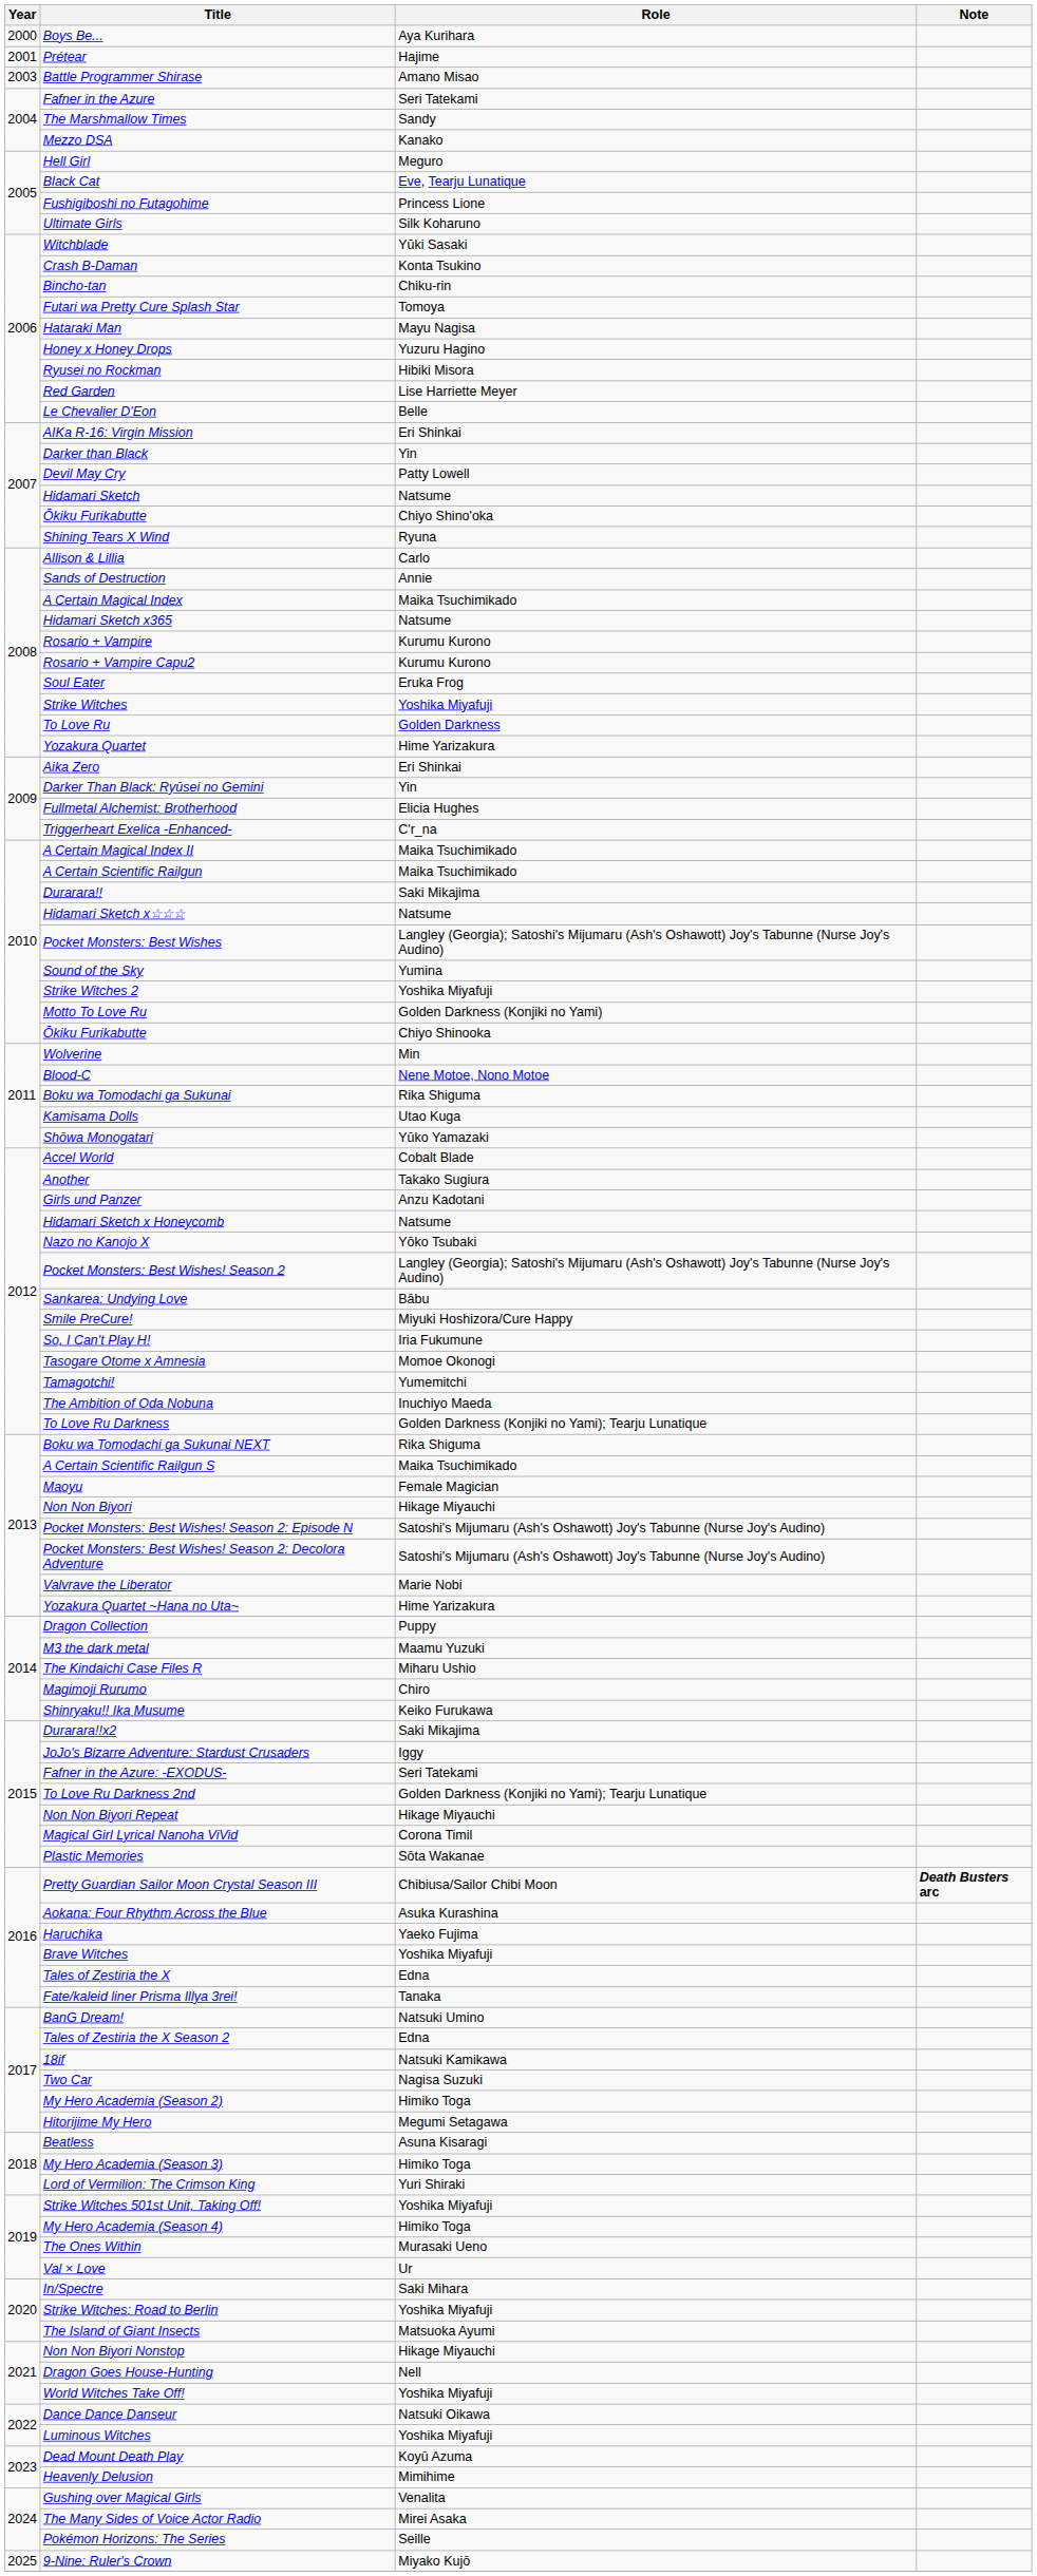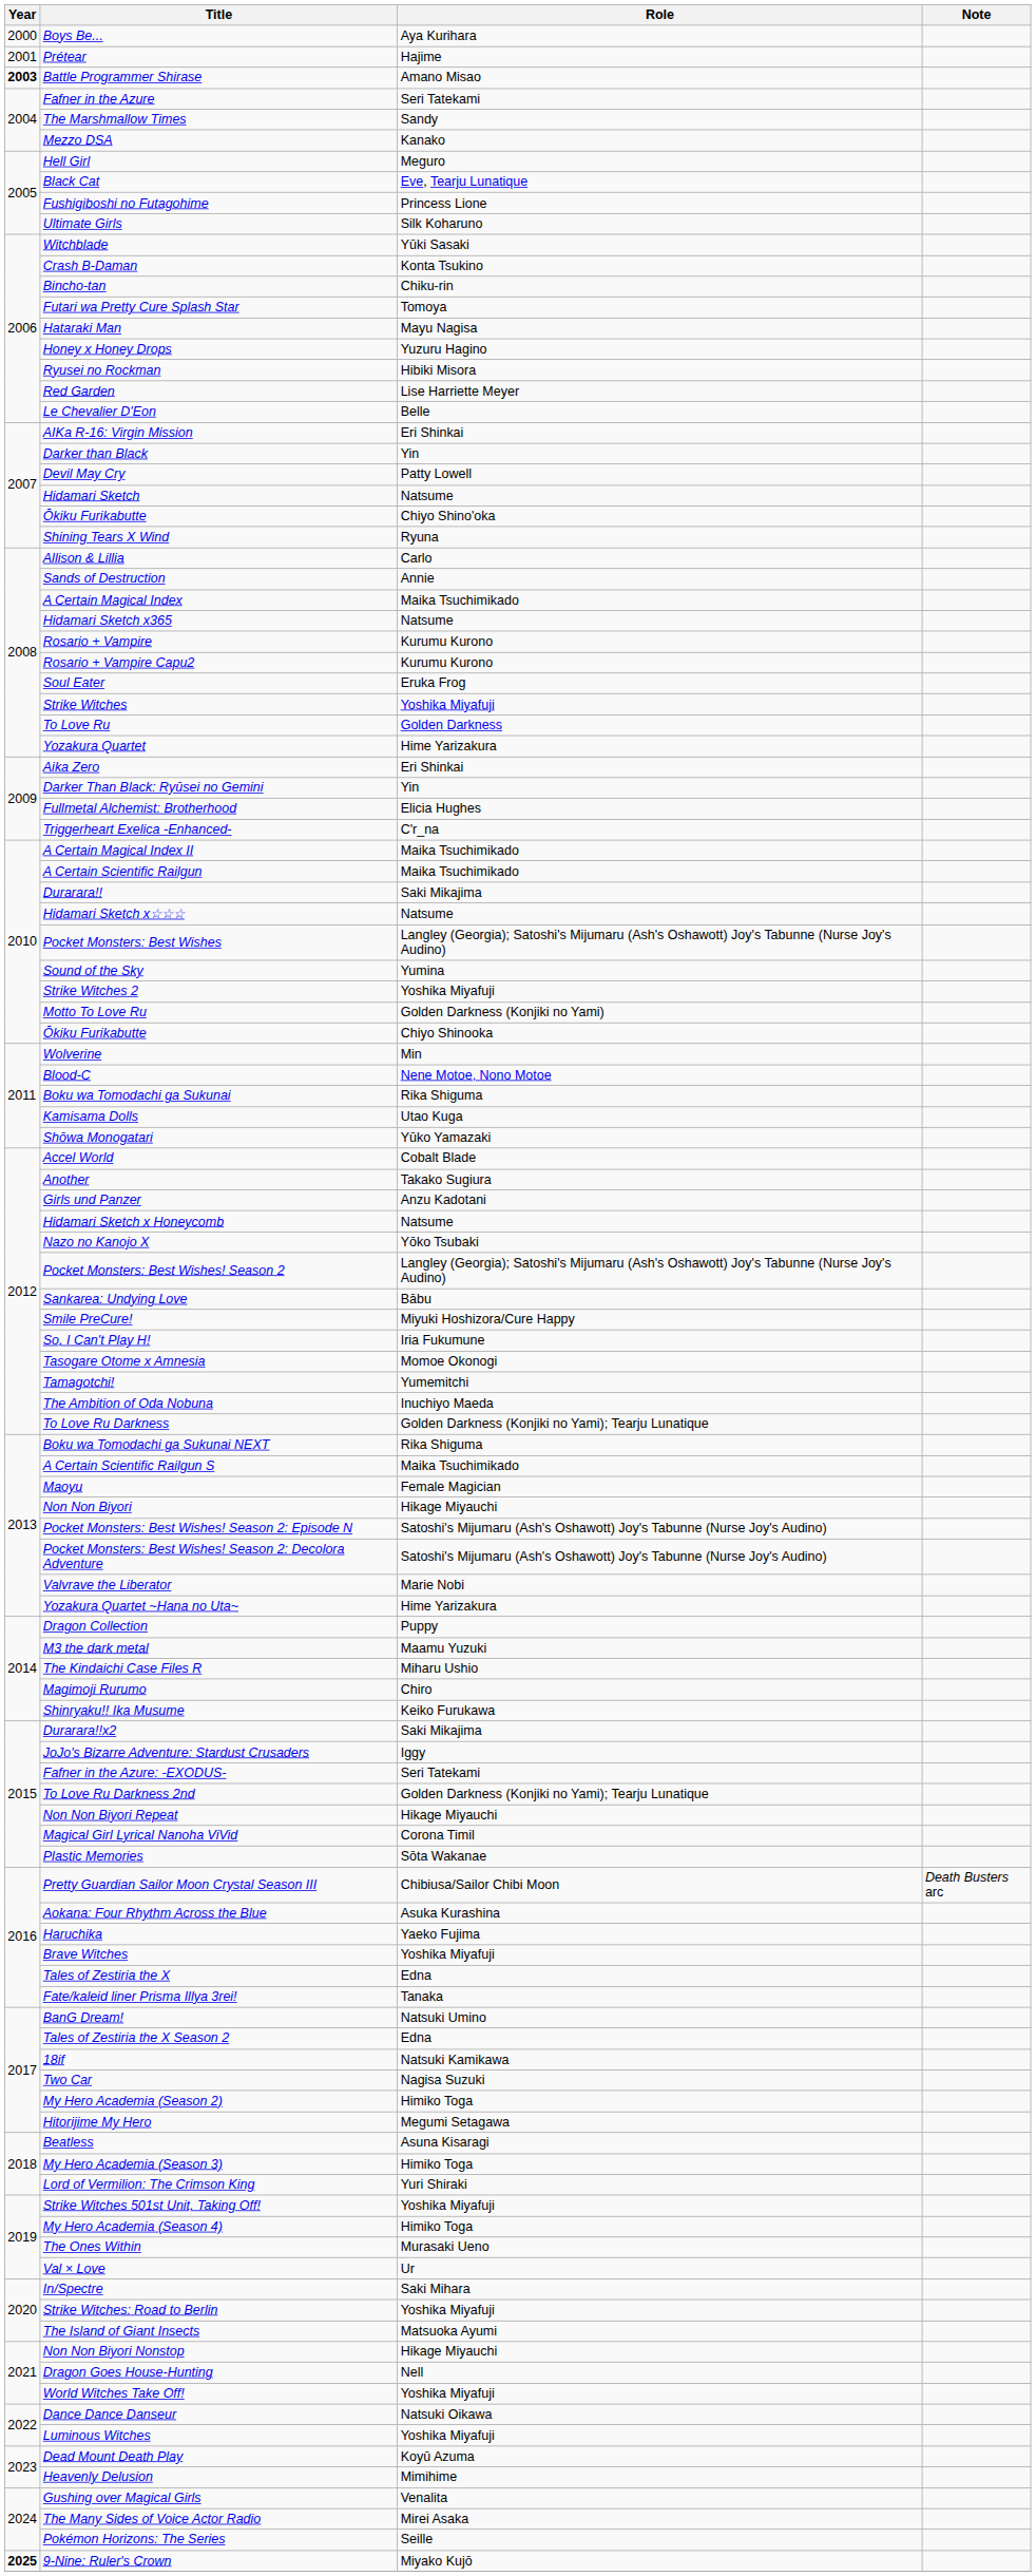 <table class="wikitable">
 <tr>
 <th>Year</th>
 <th>Title</th>
 <th>Role</th>
 <th>Note</th>
 </tr>
 <tr>
 <td>2000</td>
 <td><em><a href='#'>Boys Be...</a></em></td>
 <td>Aya Kurihara</td>
 <td></td>
 </tr>
 <tr>
 <td>2001</td>
 <td><em><a href='#'>Prétear</a></em></td>
 <td>Hajime</td>
 <td></td>
 </tr>
 <tr>
-<td>2003</td>
+<td><strong>2003</strong></td>
 <td><em><a href='#'>Battle Programmer Shirase</a></em></td>
 <td>Amano Misao</td>
 <td></td>
 </tr>
 <tr>
 <td rowspan="3">2004</td>
 <td><em><a href='#'>Fafner in the Azure</a></em></td>
 <td>Seri Tatekami</td>
 <td></td>
 </tr>
 <tr>
 <td><em><a href='#'>The Marshmallow Times</a></em></td>
 <td>Sandy</td>
 <td></td>
 </tr>
 <tr>
 <td><em><a href='#'>Mezzo DSA</a></em></td>
 <td>Kanako</td>
 <td></td>
 </tr>
 <tr>
 <td rowspan="4">2005</td>
 <td><em><a href='#'>Hell Girl</a></em></td>
 <td>Meguro</td>
 <td></td>
 </tr>
 <tr>
 <td><em><a href='#'>Black Cat</a></em></td>
 <td><a href='#'>Eve</a>, <a href='#'>Tearju Lunatique</a></td>
 <td></td>
 </tr>
 <tr>
 <td><em><a href='#'>Fushigiboshi no Futagohime</a></em></td>
 <td>Princess Lione</td>
 <td></td>
 </tr>
 <tr>
 <td><em><a href='#'>Ultimate Girls</a></em></td>
 <td>Silk Koharuno</td>
 <td></td>
 </tr>
 <tr>
 <td rowspan="9">2006</td>
 <td><em><a href='#'>Witchblade</a></em></td>
 <td>Yūki Sasaki</td>
 <td></td>
 </tr>
 <tr>
 <td><em><a href='#'>Crash B-Daman</a></em></td>
 <td>Konta Tsukino</td>
 <td></td>
 </tr>
 <tr>
 <td><em><a href='#'>Bincho-tan</a></em></td>
 <td>Chiku-rin</td>
 <td></td>
 </tr>
 <tr>
 <td><em><a href='#'>Futari wa Pretty Cure Splash Star</a></em></td>
 <td>Tomoya</td>
 <td></td>
 </tr>
 <tr>
 <td><em><a href='#'>Hataraki Man</a></em></td>
 <td>Mayu Nagisa</td>
 <td></td>
 </tr>
 <tr>
 <td><em><a href='#'>Honey x Honey Drops</a></em></td>
 <td>Yuzuru Hagino</td>
 <td></td>
 </tr>
 <tr>
 <td><em><a href='#'>Ryusei no Rockman</a></em></td>
 <td>Hibiki Misora</td>
 <td></td>
 </tr>
 <tr>
 <td><em><a href='#'>Red Garden</a></em></td>
 <td>Lise Harriette Meyer</td>
 <td></td>
 </tr>
 <tr>
 <td><em><a href='#'>Le Chevalier D'Eon</a></em></td>
 <td>Belle</td>
 <td></td>
 </tr>
 <tr>
 <td rowspan="6">2007</td>
 <td><em><a href='#'>AIKa R-16: Virgin Mission</a></em></td>
 <td>Eri Shinkai</td>
 <td></td>
 </tr>
 <tr>
 <td><em><a href='#'>Darker than Black</a></em></td>
 <td>Yin</td>
 <td></td>
 </tr>
 <tr>
 <td><em><a href='#'>Devil May Cry</a></em></td>
 <td>Patty Lowell</td>
 <td></td>
 </tr>
 <tr>
 <td><em><a href='#'>Hidamari Sketch</a></em></td>
 <td>Natsume</td>
 <td></td>
 </tr>
 <tr>
 <td><em><a href='#'>Ōkiku Furikabutte</a></em></td>
 <td>Chiyo Shino'oka</td>
 <td></td>
 </tr>
 <tr>
 <td><em><a href='#'>Shining Tears X Wind</a></em></td>
 <td>Ryuna</td>
 <td></td>
 </tr>
 <tr>
 <td rowspan="10">2008</td>
 <td><em><a href='#'>Allison & Lillia</a></em></td>
 <td>Carlo</td>
 <td></td>
 </tr>
 <tr>
 <td><em><a href='#'>Sands of Destruction</a></em></td>
 <td>Annie</td>
 <td></td>
 </tr>
 <tr>
 <td><em><a href='#'>A Certain Magical Index</a></em></td>
 <td>Maika Tsuchimikado</td>
 <td></td>
 </tr>
 <tr>
 <td><em><a href='#'>Hidamari Sketch x365</a></em></td>
 <td>Natsume</td>
 <td></td>
 </tr>
 <tr>
 <td><em><a href='#'>Rosario + Vampire</a></em></td>
 <td>Kurumu Kurono</td>
 <td></td>
 </tr>
 <tr>
 <td><em><a href='#'>Rosario + Vampire Capu2</a></em></td>
 <td>Kurumu Kurono</td>
 <td></td>
 </tr>
 <tr>
 <td><em><a href='#'>Soul Eater</a></em></td>
 <td>Eruka Frog</td>
 <td></td>
 </tr>
 <tr>
 <td><em><a href='#'>Strike Witches</a></em></td>
 <td><a href='#'>Yoshika Miyafuji</a></td>
 <td></td>
 </tr>
 <tr>
 <td><em><a href='#'>To Love Ru</a></em></td>
 <td><a href='#'>Golden Darkness</a></td>
 <td></td>
 </tr>
 <tr>
 <td><em><a href='#'>Yozakura Quartet</a></em></td>
 <td>Hime Yarizakura</td>
 <td></td>
 </tr>
 <tr>
 <td rowspan="4">2009</td>
 <td><em><a href='#'>Aika Zero</a></em></td>
 <td>Eri Shinkai</td>
 <td></td>
 </tr>
 <tr>
 <td><em><a href='#'>Darker Than Black: Ryūsei no Gemini</a></em></td>
 <td>Yin</td>
 <td></td>
 </tr>
 <tr>
 <td><em><a href='#'>Fullmetal Alchemist: Brotherhood</a></em></td>
 <td>Elicia Hughes</td>
 <td></td>
 </tr>
 <tr>
 <td><em><a href='#'>Triggerheart Exelica -Enhanced-</a></em></td>
 <td>C'r_na</td>
 <td></td>
 </tr>
 <tr>
 <td rowspan="9">2010</td>
 <td><em><a href='#'>A Certain Magical Index II</a></em></td>
 <td>Maika Tsuchimikado</td>
 <td></td>
 </tr>
 <tr>
 <td><em><a href='#'>A Certain Scientific Railgun</a></em></td>
 <td>Maika Tsuchimikado</td>
 <td></td>
 </tr>
 <tr>
 <td><em><a href='#'>Durarara!!</a></em></td>
 <td>Saki Mikajima</td>
 <td></td>
 </tr>
 <tr>
 <td><em><a href='#'>Hidamari Sketch x☆☆☆</a></em></td>
 <td>Natsume</td>
 <td></td>
 </tr>
 <tr>
 <td><em><a href='#'>Pocket Monsters: Best Wishes</a></em></td>
 <td>Langley (Georgia); Satoshi's Mijumaru (Ash's Oshawott) Joy's Tabunne (Nurse Joy's Audino)</td>
 <td></td>
 </tr>
 <tr>
 <td><em><a href='#'>Sound of the Sky</a></em></td>
 <td>Yumina</td>
 <td></td>
 </tr>
 <tr>
 <td><em><a href='#'>Strike Witches 2</a></em></td>
 <td>Yoshika Miyafuji</td>
 <td></td>
 </tr>
 <tr>
 <td><em><a href='#'>Motto To Love Ru</a></em></td>
 <td>Golden Darkness (Konjiki no Yami)</td>
 <td></td>
 </tr>
 <tr>
 <td><em><a href='#'>Ōkiku Furikabutte</a></em></td>
 <td>Chiyo Shinooka</td>
 <td></td>
 </tr>
 <tr>
 <td rowspan="5">2011</td>
 <td><em><a href='#'>Wolverine</a></em></td>
 <td>Min</td>
 <td></td>
 </tr>
 <tr>
 <td><em><a href='#'>Blood-C</a></em></td>
 <td><a href='#'>Nene Motoe, Nono Motoe</a></td>
 <td></td>
 </tr>
 <tr>
 <td><em><a href='#'>Boku wa Tomodachi ga Sukunai</a></em></td>
 <td>Rika Shiguma</td>
 <td></td>
 </tr>
 <tr>
 <td><em><a href='#'>Kamisama Dolls</a></em></td>
 <td>Utao Kuga</td>
 <td></td>
 </tr>
 <tr>
 <td><em><a href='#'>Shōwa Monogatari</a></em></td>
 <td>Yūko Yamazaki</td>
 <td></td>
 </tr>
 <tr>
 <td rowspan="13">2012</td>
 <td><em><a href='#'>Accel World</a></em></td>
 <td>Cobalt Blade</td>
 <td></td>
 </tr>
 <tr>
 <td><em><a href='#'>Another</a></em></td>
 <td>Takako Sugiura</td>
 <td></td>
 </tr>
 <tr>
 <td><em><a href='#'>Girls und Panzer</a></em></td>
 <td>Anzu Kadotani</td>
 <td></td>
 </tr>
 <tr>
 <td><em><a href='#'>Hidamari Sketch x Honeycomb</a></em></td>
 <td>Natsume</td>
 <td></td>
 </tr>
 <tr>
 <td><em><a href='#'>Nazo no Kanojo X</a></em></td>
 <td>Yōko Tsubaki</td>
 <td></td>
 </tr>
 <tr>
 <td><em><a href='#'>Pocket Monsters: Best Wishes! Season 2</a></em></td>
 <td>Langley (Georgia); Satoshi's Mijumaru (Ash's Oshawott) Joy's Tabunne (Nurse Joy's Audino)</td>
 <td></td>
 </tr>
 <tr>
 <td><em><a href='#'>Sankarea: Undying Love</a></em></td>
 <td>Bābu</td>
 <td></td>
 </tr>
 <tr>
 <td><em><a href='#'>Smile PreCure!</a></em></td>
 <td>Miyuki Hoshizora/Cure Happy</td>
 <td></td>
 </tr>
 <tr>
 <td><em><a href='#'>So, I Can't Play H!</a></em></td>
 <td>Iria Fukumune</td>
 <td></td>
 </tr>
 <tr>
 <td><em><a href='#'>Tasogare Otome x Amnesia</a></em></td>
 <td>Momoe Okonogi</td>
 <td></td>
 </tr>
 <tr>
 <td><em><a href='#'>Tamagotchi!</a></em></td>
 <td>Yumemitchi</td>
 <td></td>
 </tr>
 <tr>
 <td><em><a href='#'>The Ambition of Oda Nobuna</a></em></td>
 <td>Inuchiyo Maeda</td>
 <td></td>
 </tr>
 <tr>
 <td><em><a href='#'>To Love Ru Darkness</a></em></td>
 <td>Golden Darkness (Konjiki no Yami); Tearju Lunatique</td>
 <td></td>
 </tr>
 <tr>
 <td rowspan="8">2013</td>
 <td><em><a href='#'>Boku wa Tomodachi ga Sukunai NEXT</a></em></td>
 <td>Rika Shiguma</td>
 <td></td>
 </tr>
 <tr>
 <td><em><a href='#'>A Certain Scientific Railgun S</a></em></td>
 <td>Maika Tsuchimikado</td>
 <td></td>
 </tr>
 <tr>
 <td><em><a href='#'>Maoyu</a></em></td>
 <td>Female Magician</td>
 <td></td>
 </tr>
 <tr>
 <td><em><a href='#'>Non Non Biyori</a></em></td>
 <td>Hikage Miyauchi</td>
 <td></td>
 </tr>
 <tr>
 <td><em><a href='#'>Pocket Monsters: Best Wishes! Season 2: Episode N</a></em></td>
 <td>Satoshi's Mijumaru (Ash's Oshawott) Joy's Tabunne (Nurse Joy's Audino)</td>
 <td></td>
 </tr>
 <tr>
 <td><em><a href='#'>Pocket Monsters: Best Wishes! Season 2: Decolora Adventure</a></em></td>
 <td>Satoshi's Mijumaru (Ash's Oshawott) Joy's Tabunne (Nurse Joy's Audino)</td>
 <td></td>
 </tr>
 <tr>
 <td><em><a href='#'>Valvrave the Liberator</a></em></td>
 <td>Marie Nobi</td>
 <td></td>
 </tr>
 <tr>
 <td><em><a href='#'>Yozakura Quartet ~Hana no Uta~</a></em></td>
 <td>Hime Yarizakura</td>
 <td></td>
 </tr>
 <tr>
 <td rowspan="5">2014</td>
 <td><em><a href='#'>Dragon Collection</a></em></td>
 <td>Puppy</td>
 <td></td>
 </tr>
 <tr>
 <td><em><a href='#'>M3 the dark metal</a></em></td>
 <td>Maamu Yuzuki</td>
 <td></td>
 </tr>
 <tr>
 <td><em><a href='#'>The Kindaichi Case Files R</a></em></td>
 <td>Miharu Ushio</td>
 <td></td>
 </tr>
 <tr>
 <td><em><a href='#'>Magimoji Rurumo</a></em></td>
 <td>Chiro</td>
 <td></td>
 </tr>
 <tr>
 <td><em><a href='#'>Shinryaku!! Ika Musume</a></em></td>
 <td>Keiko Furukawa</td>
 <td></td>
 </tr>
 <tr>
 <td rowspan="7">2015</td>
 <td><em><a href='#'>Durarara!!x2</a></em></td>
 <td>Saki Mikajima</td>
 <td></td>
 </tr>
 <tr>
 <td><em><a href='#'>JoJo's Bizarre Adventure: Stardust Crusaders</a></em></td>
 <td>Iggy</td>
 <td></td>
 </tr>
 <tr>
 <td><em><a href='#'>Fafner in the Azure: -EXODUS-</a></em></td>
 <td>Seri Tatekami</td>
 <td></td>
 </tr>
 <tr>
 <td><em><a href='#'>To Love Ru Darkness 2nd</a></em></td>
 <td>Golden Darkness (Konjiki no Yami); Tearju Lunatique</td>
 <td></td>
 </tr>
 <tr>
 <td><em><a href='#'>Non Non Biyori Repeat</a></em></td>
 <td>Hikage Miyauchi</td>
 <td></td>
 </tr>
 <tr>
 <td><em><a href='#'>Magical Girl Lyrical Nanoha ViVid</a></em></td>
 <td>Corona Timil</td>
 <td></td>
 </tr>
 <tr>
 <td><em><a href='#'>Plastic Memories</a></em></td>
 <td>Sōta Wakanae</td>
 <td></td>
 </tr>
 <tr>
 <td rowspan="6">2016</td>
 <td><em><a href='#'>Pretty Guardian Sailor Moon Crystal Season III</a></em></td>
 <td>Chibiusa/Sailor Chibi Moon</td>
-<td><strong><em>Death Busters</em> arc</strong></td>
+<td><em>Death Busters</em> arc</td>
 </tr>
 <tr>
 <td><em><a href='#'>Aokana: Four Rhythm Across the Blue</a></em></td>
 <td>Asuka Kurashina</td>
 <td></td>
 </tr>
 <tr>
 <td><em><a href='#'>Haruchika</a></em></td>
 <td>Yaeko Fujima</td>
 <td></td>
 </tr>
 <tr>
 <td><em><a href='#'>Brave Witches</a></em></td>
 <td>Yoshika Miyafuji</td>
 <td></td>
 </tr>
 <tr>
 <td><em><a href='#'>Tales of Zestiria the X</a></em></td>
 <td>Edna</td>
 <td></td>
 </tr>
 <tr>
 <td><em><a href='#'>Fate/kaleid liner Prisma Illya 3rei!</a></em></td>
 <td>Tanaka</td>
 <td></td>
 </tr>
 <tr>
 <td rowspan="6">2017</td>
 <td><em><a href='#'>BanG Dream!</a></em></td>
 <td>Natsuki Umino</td>
 <td></td>
 </tr>
 <tr>
 <td><em><a href='#'>Tales of Zestiria the X Season 2</a></em></td>
 <td>Edna</td>
 <td></td>
 </tr>
 <tr>
 <td><em><a href='#'>18if</a></em></td>
 <td>Natsuki Kamikawa</td>
 <td></td>
 </tr>
 <tr>
 <td><em><a href='#'>Two Car</a></em></td>
 <td>Nagisa Suzuki</td>
 <td></td>
 </tr>
 <tr>
 <td><em><a href='#'>My Hero Academia (Season 2)</a></em></td>
 <td>Himiko Toga</td>
 <td></td>
 </tr>
 <tr>
 <td><em><a href='#'>Hitorijime My Hero</a></em></td>
 <td>Megumi Setagawa</td>
 <td></td>
 </tr>
 <tr>
 <td rowspan="3">2018</td>
 <td><em><a href='#'>Beatless</a></em></td>
 <td>Asuna Kisaragi</td>
 <td></td>
 </tr>
 <tr>
 <td><em><a href='#'>My Hero Academia (Season 3)</a></em></td>
 <td>Himiko Toga</td>
 <td></td>
 </tr>
 <tr>
 <td><em><a href='#'>Lord of Vermilion: The Crimson King</a></em></td>
 <td>Yuri Shiraki</td>
 <td></td>
 </tr>
 <tr>
 <td rowspan="4">2019</td>
 <td><em><a href='#'>Strike Witches 501st Unit, Taking Off!</a></em></td>
 <td>Yoshika Miyafuji</td>
 <td></td>
 </tr>
 <tr>
 <td><em><a href='#'>My Hero Academia (Season 4)</a></em></td>
 <td>Himiko Toga</td>
 <td></td>
 </tr>
 <tr>
 <td><em><a href='#'>The Ones Within</a></em></td>
 <td>Murasaki Ueno</td>
 <td></td>
 </tr>
 <tr>
 <td><em><a href='#'>Val × Love</a></em></td>
 <td>Ur</td>
 <td></td>
 </tr>
 <tr>
 <td rowspan="3">2020</td>
 <td><em><a href='#'>In/Spectre</a></em></td>
 <td>Saki Mihara</td>
 <td></td>
 </tr>
 <tr>
 <td><em><a href='#'>Strike Witches: Road to Berlin</a></em></td>
 <td>Yoshika Miyafuji</td>
 <td></td>
 </tr>
 <tr>
 <td><em><a href='#'>The Island of Giant Insects</a></em></td>
 <td>Matsuoka Ayumi</td>
 <td></td>
 </tr>
 <tr>
 <td rowspan="3">2021</td>
 <td><em><a href='#'>Non Non Biyori Nonstop</a></em></td>
 <td>Hikage Miyauchi</td>
 <td></td>
 </tr>
 <tr>
 <td><em><a href='#'>Dragon Goes House-Hunting</a></em></td>
 <td>Nell</td>
 <td></td>
 </tr>
 <tr>
 <td><em><a href='#'>World Witches Take Off!</a></em></td>
 <td>Yoshika Miyafuji</td>
 <td></td>
 </tr>
 <tr>
 <td rowspan="2">2022</td>
 <td><em><a href='#'>Dance Dance Danseur</a></em></td>
 <td>Natsuki Oikawa</td>
 <td></td>
 </tr>
 <tr>
 <td><em><a href='#'>Luminous Witches</a></em></td>
 <td>Yoshika Miyafuji</td>
 <td></td>
 </tr>
 <tr>
 <td rowspan="2">2023</td>
 <td><em><a href='#'>Dead Mount Death Play</a></em></td>
 <td>Koyū Azuma</td>
 <td></td>
 </tr>
 <tr>
 <td><em><a href='#'>Heavenly Delusion</a></em></td>
 <td>Mimihime</td>
 <td></td>
 </tr>
 <tr>
 <td rowspan="3">2024</td>
 <td><em><a href='#'>Gushing over Magical Girls</a></em></td>
 <td>Venalita</td>
 <td></td>
 </tr>
 <tr>
 <td><em><a href='#'>The Many Sides of Voice Actor Radio</a></em></td>
 <td>Mirei Asaka</td>
 <td></td>
 </tr>
 <tr>
 <td><em><a href='#'>Pokémon Horizons: The Series</a></em></td>
 <td>Seille</td>
 <td></td>
 </tr>
 <tr>
-<td rowspan="1">2025</td>
+<td rowspan="1"><strong>2025</strong></td>
 <td><em><a href='#'>9-Nine: Ruler's Crown</a></em></td>
 <td>Miyako Kujō</td>
 <td></td>
 </tr>
 <tr>
 </tr>
 </table>
